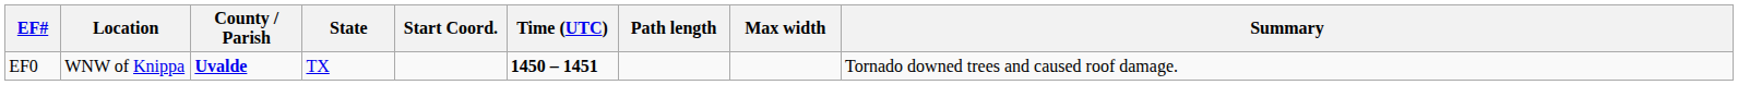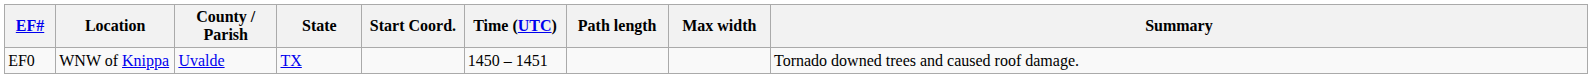 <table class="wikitable sortable" style="width:100%;">
 <tr>
 <th scope="col" width="3%" align="center"><a href='#'>EF#</a></th>
 <th scope="col" width="7%" align="center" class="unsortable">Location</th>
 <th scope="col" width="6%" align="center" class="unsortable">County / Parish</th>
 <th scope="col" width="5%" align="center">State</th>
 <th scope="col" width="6%" align="center">Start Coord.</th>
 <th scope="col" width="6%" align="center">Time (<a href='#'>UTC</a>)</th>
 <th scope="col" width="6%" align="center">Path length</th>
 <th scope="col" width="6%" align="center">Max width</th>
 <th scope="col" width="48%" class="unsortable" align="center">Summary</th>
 </tr>
 <tr>
 <td>EF0</td>
 <td>WNW of <a href='#'>Knippa</a></td>
-<td><strong><a href='#'>Uvalde</a></strong></td>
+<td><a href='#'>Uvalde</a></td>
 <td><a href='#'>TX</a></td>
 <td></td>
-<td><strong>1450 – 1451</strong></td>
+<td>1450 – 1451</td>
 <td></td>
 <td></td>
 <td>Tornado downed trees and caused roof damage.</td>
 </tr>
 <tr>
 </tr>
 </table>
